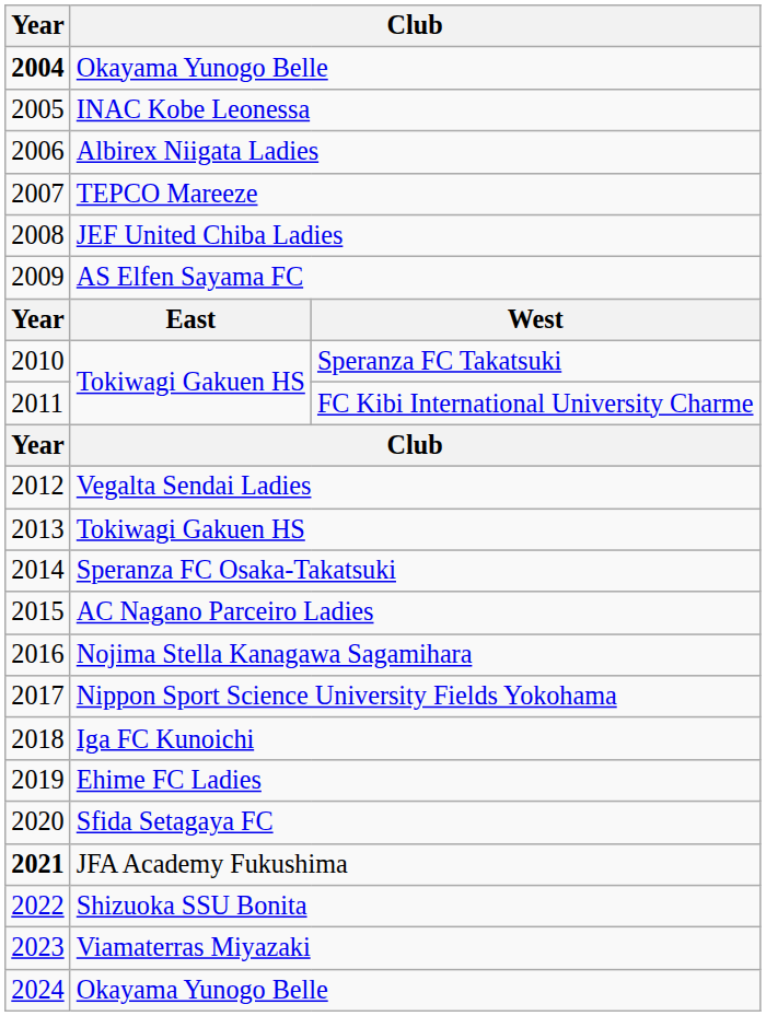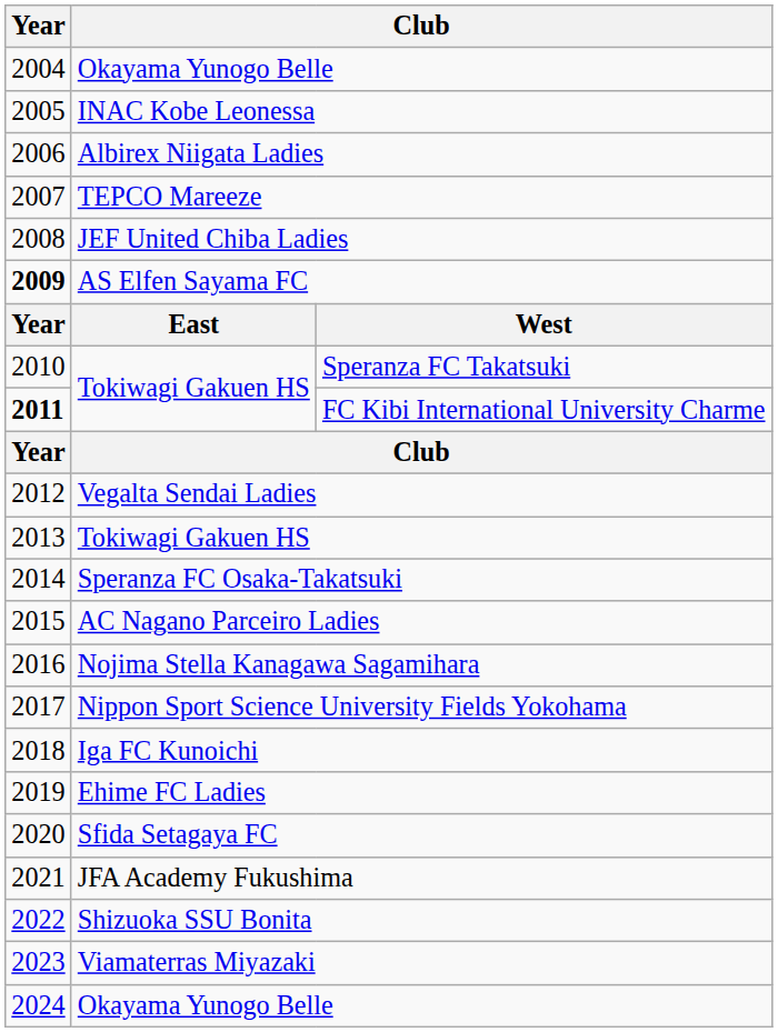 <table class="wikitable">
 <tr>
 <th>Year</th>
 <th colspan="2">Club</th>
 </tr>
 <tr>
-<td><strong>2004</strong></td>
+<td>2004</td>
 <td colspan="2"><a href='#'>Okayama Yunogo Belle</a></td>
 </tr>
 <tr>
 <td>2005</td>
 <td colspan="2"><a href='#'>INAC Kobe Leonessa</a></td>
 </tr>
 <tr>
 <td>2006</td>
 <td colspan="2"><a href='#'>Albirex Niigata Ladies</a></td>
 </tr>
 <tr>
 <td>2007</td>
 <td colspan="2"><a href='#'>TEPCO Mareeze</a></td>
 </tr>
 <tr>
 <td>2008</td>
 <td colspan="2"><a href='#'>JEF United Chiba Ladies</a></td>
 </tr>
 <tr>
-<td>2009</td>
+<td><strong>2009</strong></td>
 <td colspan="2"><a href='#'>AS Elfen Sayama FC</a></td>
 </tr>
 <tr>
 <th>Year</th>
 <th>East</th>
 <th>West</th>
 </tr>
 <tr>
 <td>2010</td>
 <td rowspan="2"><a href='#'>Tokiwagi Gakuen HS</a></td>
 <td><a href='#'>Speranza FC Takatsuki</a></td>
 </tr>
 <tr>
-<td>2011</td>
+<td><strong>2011</strong></td>
 <td><a href='#'>FC Kibi International University Charme</a></td>
 </tr>
 <tr>
 <th>Year</th>
 <th colspan="2">Club</th>
 </tr>
 <tr>
 <td>2012</td>
 <td colspan="2"><a href='#'>Vegalta Sendai Ladies</a></td>
 </tr>
 <tr>
 <td>2013</td>
 <td colspan="2"><a href='#'>Tokiwagi Gakuen HS</a></td>
 </tr>
 <tr>
 <td>2014</td>
 <td colspan="2"><a href='#'>Speranza FC Osaka-Takatsuki</a></td>
 </tr>
 <tr>
 <td>2015</td>
 <td colspan="2"><a href='#'>AC Nagano Parceiro Ladies</a></td>
 </tr>
 <tr>
 <td>2016</td>
 <td colspan="2"><a href='#'>Nojima Stella Kanagawa Sagamihara</a></td>
 </tr>
 <tr>
 <td>2017</td>
 <td colspan="2"><a href='#'>Nippon Sport Science University Fields Yokohama</a></td>
 </tr>
 <tr>
 <td>2018</td>
 <td colspan="2"><a href='#'>Iga FC Kunoichi</a></td>
 </tr>
 <tr>
 <td>2019</td>
 <td colspan="2"><a href='#'>Ehime FC Ladies</a></td>
 </tr>
 <tr>
 <td>2020</td>
 <td colspan="2"><a href='#'>Sfida Setagaya FC</a></td>
 </tr>
 <tr>
-<td><strong>2021</strong></td>
+<td>2021</td>
 <td colspan="2">JFA Academy Fukushima</td>
 </tr>
 <tr>
 <td><a href='#'>2022</a></td>
 <td colspan="2"><a href='#'>Shizuoka SSU Bonita</a></td>
 </tr>
 <tr>
 <td><a href='#'>2023</a></td>
 <td colspan="2"><a href='#'>Viamaterras Miyazaki</a></td>
 </tr>
 <tr>
 <td><a href='#'>2024</a></td>
 <td colspan="2"><a href='#'>Okayama Yunogo Belle</a></td>
 </tr>
 </table>
